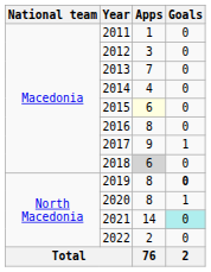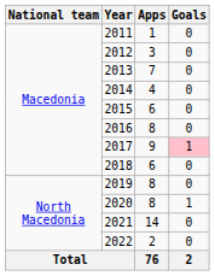 <table class="wikitable" style="text-align: center;">
 <tr>
 <th>National team</th>
 <th>Year</th>
 <th>Apps</th>
 <th>Goals</th>
 </tr>
 <tr>
 <td rowspan="8" valign="center"><a href='#'>Macedonia</a></td>
 <td>2011</td>
 <td>1</td>
 <td>0</td>
 </tr>
 <tr>
 <td>2012</td>
 <td>3</td>
 <td>0</td>
 </tr>
 <tr>
 <td>2013</td>
 <td>7</td>
 <td>0</td>
 </tr>
 <tr>
 <td>2014</td>
 <td>4</td>
 <td>0</td>
 </tr>
 <tr>
 <td>2015</td>
-<td style="background: lightyellow;">6</td>
+<td>6</td>
 <td>0</td>
 </tr>
 <tr>
 <td>2016</td>
 <td>8</td>
 <td>0</td>
 </tr>
 <tr>
 <td>2017</td>
 <td>9</td>
-<td>1</td>
+<td style="background: pink;">1</td>
 </tr>
 <tr>
 <td>2018</td>
-<td style="background: lightgrey;">6</td>
+<td>6</td>
 <td>0</td>
 </tr>
 <tr>
 <td rowspan="4" valign="center"><a href='#'>North<br>Macedonia</a></td>
 <td>2019</td>
 <td>8</td>
-<td><strong>0</strong></td>
+<td>0</td>
 </tr>
 <tr>
 <td>2020</td>
 <td>8</td>
 <td>1</td>
 </tr>
 <tr>
 <td>2021</td>
 <td>14</td>
-<td style="background: paleturquoise;">0</td>
+<td>0</td>
 </tr>
 <tr>
 <td>2022</td>
 <td>2</td>
 <td>0</td>
 </tr>
 <tr>
 <th colspan="2">Total</th>
 <th>76</th>
 <th>2</th>
 </tr>
 </table>
